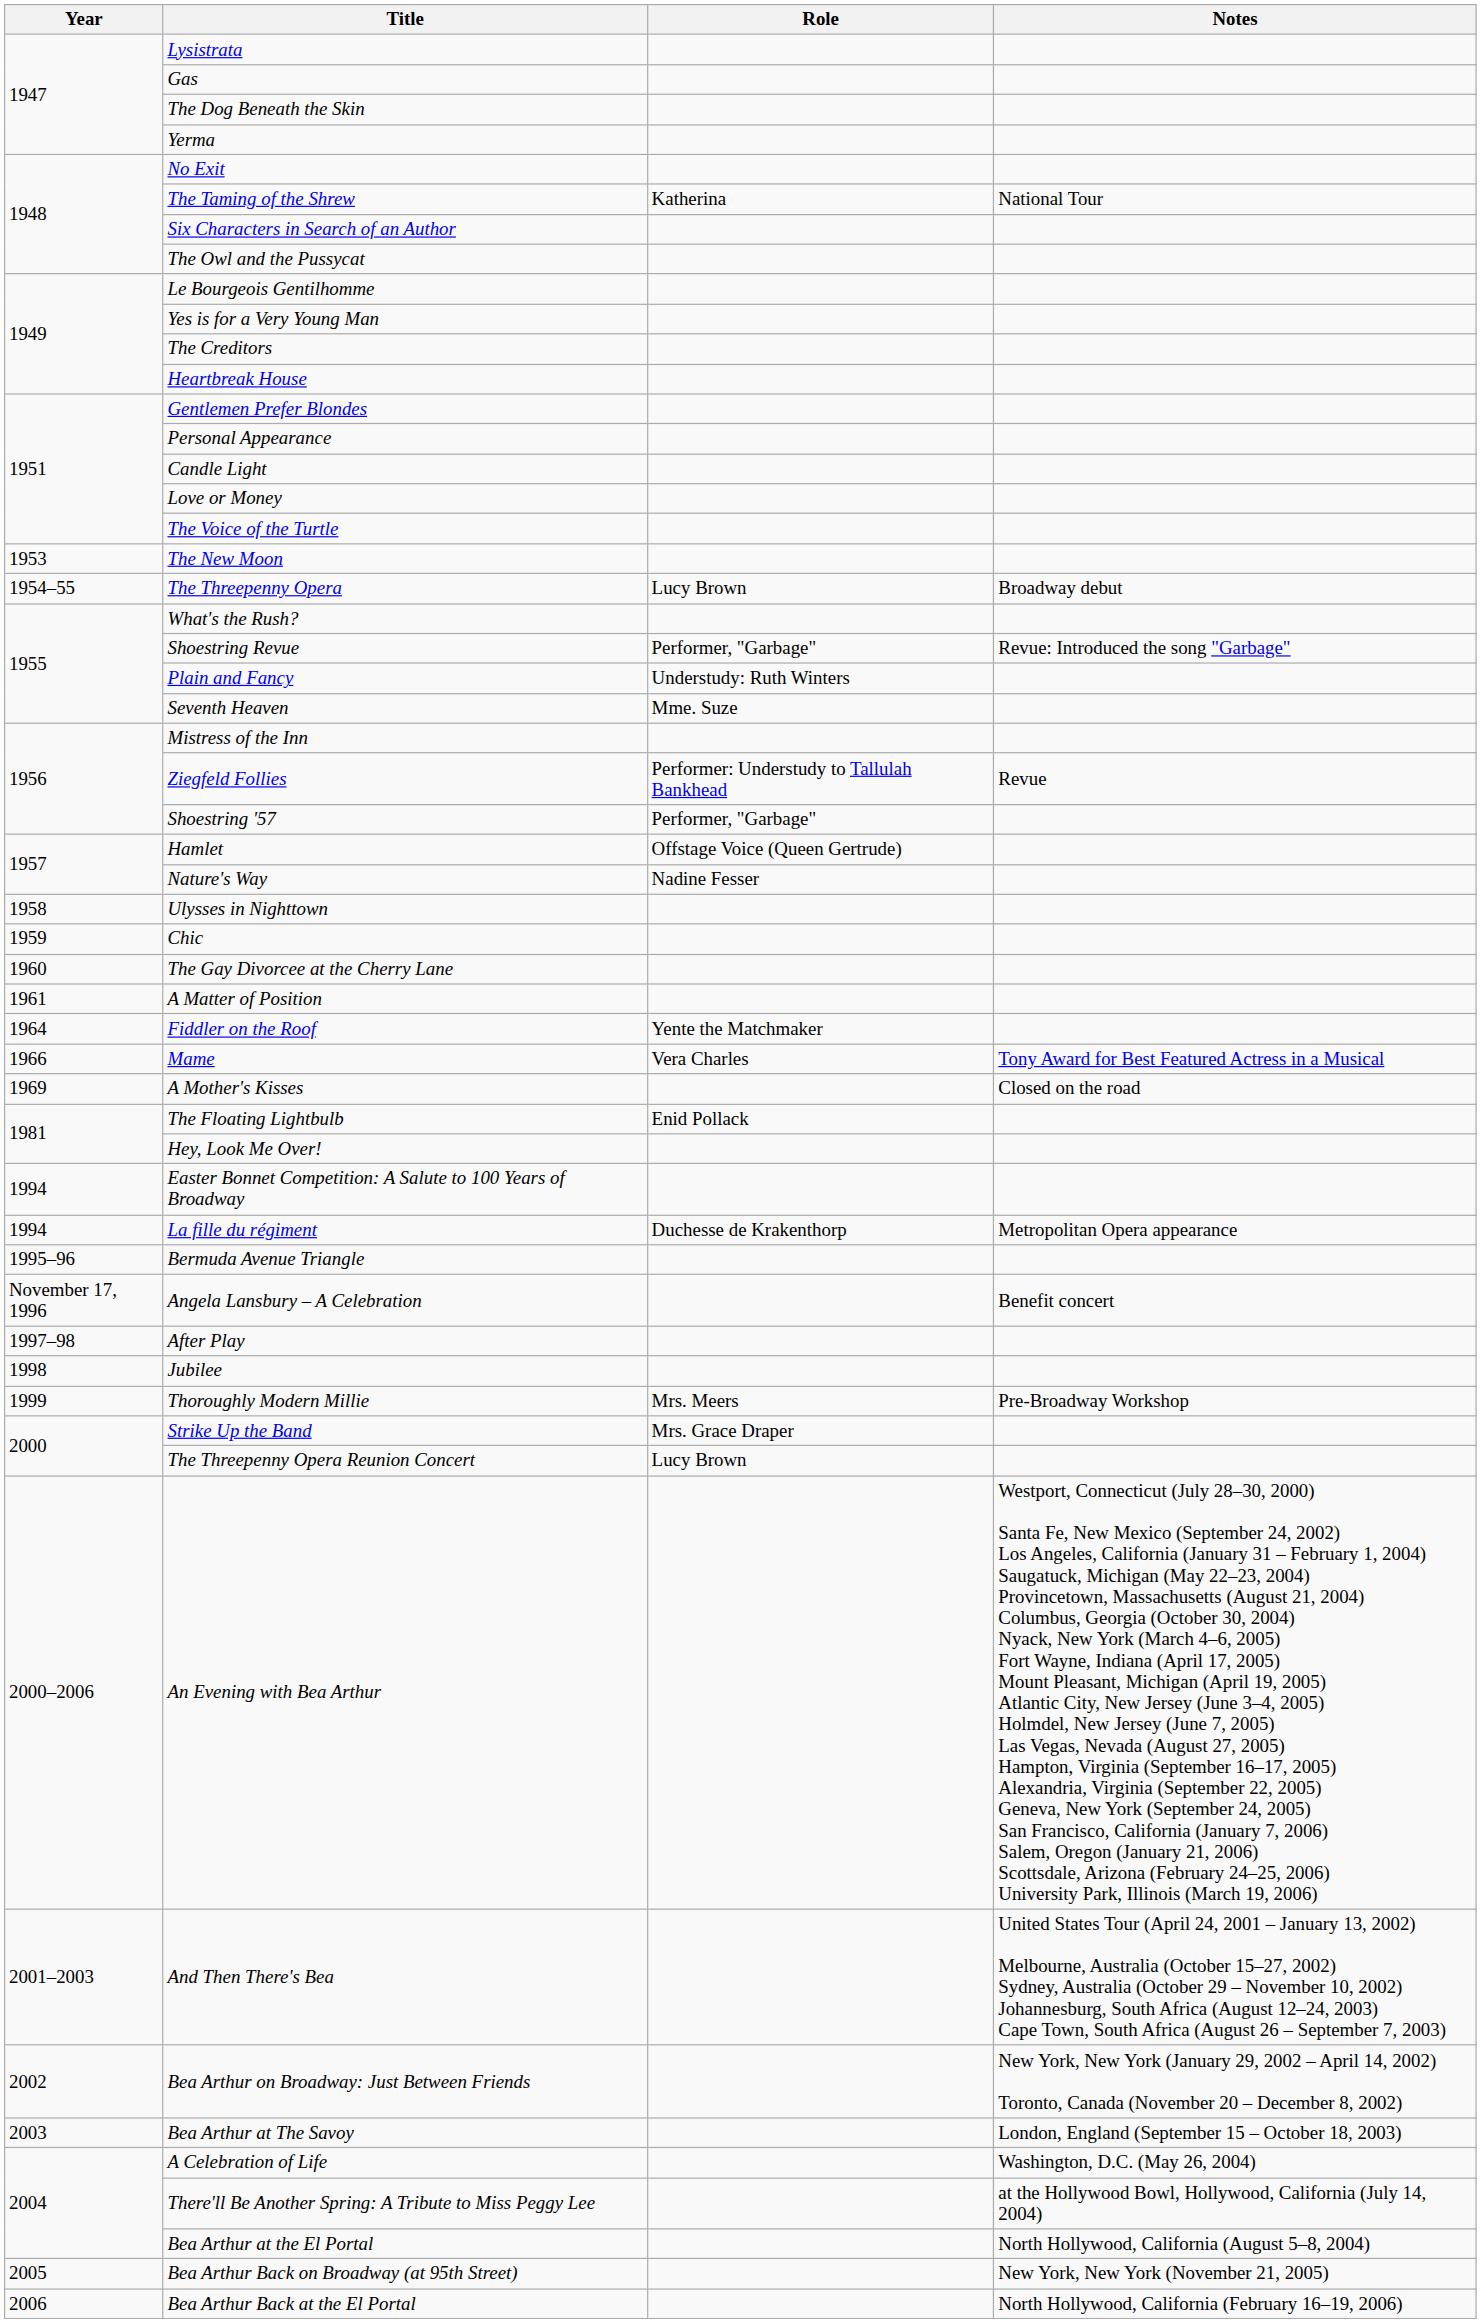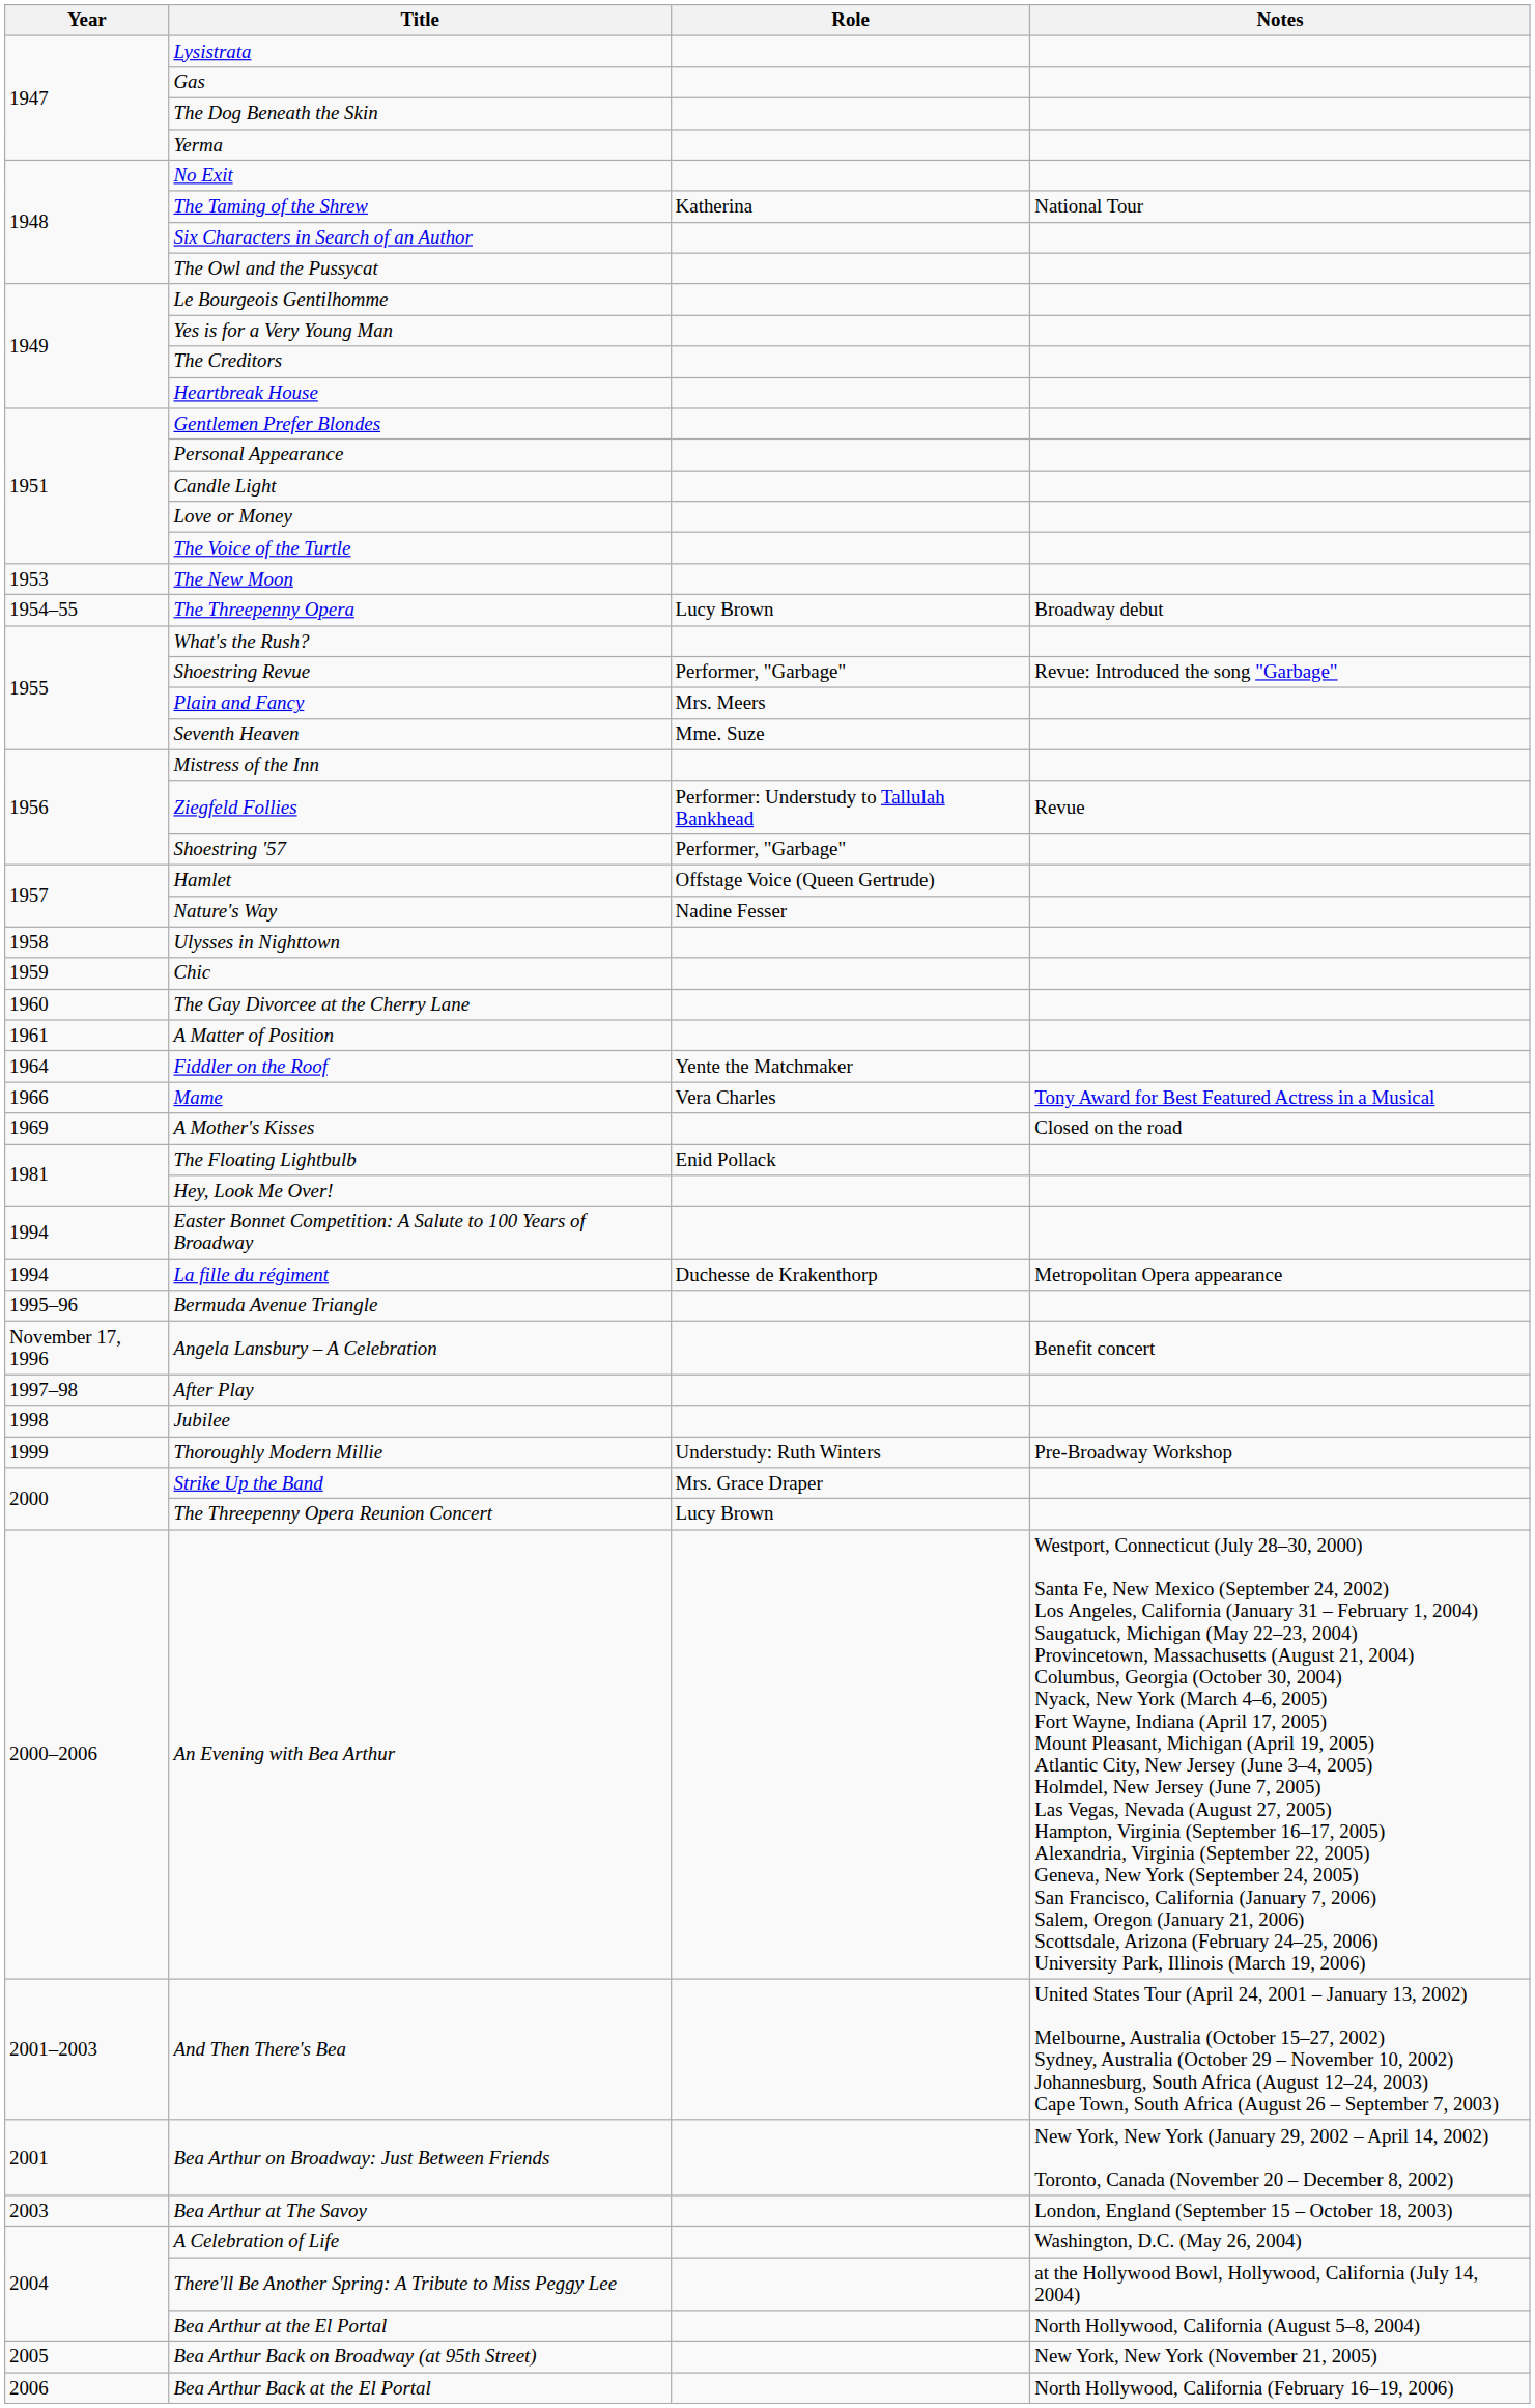 <table class="wikitable">
 <tr>
 <th>Year</th>
 <th>Title</th>
 <th>Role</th>
 <th>Notes</th>
 </tr>
 <tr>
 <td rowspan="4">1947</td>
 <td><em><a href='#'>Lysistrata</a></em></td>
 <td></td>
 <td></td>
 </tr>
 <tr>
 <td><em>Gas</em></td>
 <td></td>
 <td></td>
 </tr>
 <tr>
 <td><em>The Dog Beneath the Skin</em></td>
 <td></td>
 <td></td>
 </tr>
 <tr>
 <td><em>Yerma</em></td>
 <td></td>
 <td></td>
 </tr>
 <tr>
 <td rowspan="4">1948</td>
 <td><em><a href='#'>No Exit</a></em></td>
 <td></td>
 <td></td>
 </tr>
 <tr>
 <td><em><a href='#'>The Taming of the Shrew</a></em></td>
 <td>Katherina</td>
 <td>National Tour</td>
 </tr>
 <tr>
 <td><em><a href='#'>Six Characters in Search of an Author</a></em></td>
 <td></td>
 <td></td>
 </tr>
 <tr>
 <td><em>The Owl and the Pussycat</em></td>
 <td></td>
 <td></td>
 </tr>
 <tr>
 <td rowspan="4">1949</td>
 <td><em>Le Bourgeois Gentilhomme</em></td>
 <td></td>
 <td></td>
 </tr>
 <tr>
 <td><em>Yes is for a Very Young Man</em></td>
 <td></td>
 <td></td>
 </tr>
 <tr>
 <td><em>The Creditors</em></td>
 <td></td>
 <td></td>
 </tr>
 <tr>
 <td><em><a href='#'>Heartbreak House</a></em></td>
 <td></td>
 <td></td>
 </tr>
 <tr>
 <td rowspan="5">1951</td>
 <td><em><a href='#'>Gentlemen Prefer Blondes</a></em></td>
 <td></td>
 <td></td>
 </tr>
 <tr>
 <td><em>Personal Appearance</em></td>
 <td></td>
 <td></td>
 </tr>
 <tr>
 <td><em>Candle Light</em></td>
 <td></td>
 <td></td>
 </tr>
 <tr>
 <td><em>Love or Money</em></td>
 <td></td>
 <td></td>
 </tr>
 <tr>
 <td><em><a href='#'>The Voice of the Turtle</a></em></td>
 <td></td>
 <td></td>
 </tr>
 <tr>
 <td>1953</td>
 <td><em><a href='#'>The New Moon</a></em></td>
 <td></td>
 <td></td>
 </tr>
 <tr>
 <td>1954–55</td>
 <td><em><a href='#'>The Threepenny Opera</a></em></td>
 <td>Lucy Brown</td>
 <td>Broadway debut</td>
 </tr>
 <tr>
 <td rowspan="4">1955</td>
 <td><em>What's the Rush?</em></td>
 <td></td>
 <td></td>
 </tr>
 <tr>
 <td><em>Shoestring Revue</em></td>
 <td>Performer, "Garbage"</td>
 <td>Revue: Introduced the song <a href='#'>"Garbage"</a></td>
 </tr>
 <tr>
 <td><em><a href='#'>Plain and Fancy</a></em></td>
-<td>Understudy: Ruth Winters</td>
+<td>Mrs. Meers</td>
 <td></td>
 </tr>
 <tr>
 <td><em>Seventh Heaven</em></td>
 <td>Mme. Suze</td>
 <td></td>
 </tr>
 <tr>
 <td rowspan="3">1956</td>
 <td><em>Mistress of the Inn</em></td>
 <td></td>
 <td></td>
 </tr>
 <tr>
 <td><em><a href='#'>Ziegfeld Follies</a></em></td>
 <td>Performer: Understudy to <a href='#'>Tallulah Bankhead</a></td>
 <td>Revue</td>
 </tr>
 <tr>
 <td><em>Shoestring '57</em></td>
 <td>Performer, "Garbage"</td>
 <td></td>
 </tr>
 <tr>
 <td rowspan="2">1957</td>
 <td><em>Hamlet</em></td>
 <td>Offstage Voice (Queen Gertrude)</td>
 <td></td>
 </tr>
 <tr>
 <td><em>Nature's Way</em></td>
 <td>Nadine Fesser</td>
 <td></td>
 </tr>
 <tr>
 <td>1958</td>
 <td><em>Ulysses in Nighttown</em></td>
 <td></td>
 <td></td>
 </tr>
 <tr>
 <td>1959</td>
 <td><em>Chic</em></td>
 <td></td>
 <td></td>
 </tr>
 <tr>
 <td>1960</td>
 <td><em>The Gay Divorcee at the Cherry Lane</em></td>
 <td></td>
 <td></td>
 </tr>
 <tr>
 <td>1961</td>
 <td><em>A Matter of Position</em></td>
 <td></td>
 <td></td>
 </tr>
 <tr>
 <td>1964</td>
 <td><em><a href='#'>Fiddler on the Roof</a></em></td>
 <td>Yente the Matchmaker</td>
 <td></td>
 </tr>
 <tr>
 <td>1966</td>
 <td><em><a href='#'>Mame</a></em></td>
 <td>Vera Charles</td>
 <td><a href='#'>Tony Award for Best Featured Actress in a Musical</a></td>
 </tr>
 <tr>
 <td>1969</td>
 <td><em>A Mother's Kisses</em></td>
 <td></td>
 <td>Closed on the road</td>
 </tr>
 <tr>
 <td rowspan="2">1981</td>
 <td><em>The Floating Lightbulb</em></td>
 <td>Enid Pollack</td>
 <td></td>
 </tr>
 <tr>
 <td><em>Hey, Look Me Over!</em></td>
 <td></td>
 <td></td>
 </tr>
 <tr>
 <td>1994</td>
 <td><em>Easter Bonnet Competition: A Salute to 100 Years of Broadway</em></td>
 <td></td>
 <td></td>
 </tr>
 <tr>
 <td>1994</td>
 <td><em><a href='#'>La fille du régiment</a></em></td>
 <td>Duchesse de Krakenthorp</td>
 <td>Metropolitan Opera appearance</td>
 </tr>
 <tr>
 <td>1995–96</td>
 <td><em>Bermuda Avenue Triangle</em></td>
 <td></td>
 <td></td>
 </tr>
 <tr>
 <td>November 17, 1996</td>
 <td><em>Angela Lansbury – A Celebration</em></td>
 <td></td>
 <td>Benefit concert</td>
 </tr>
 <tr>
 <td>1997–98</td>
 <td><em>After Play</em></td>
 <td></td>
 <td></td>
 </tr>
 <tr>
 <td>1998</td>
 <td><em>Jubilee</em></td>
 <td></td>
 <td></td>
 </tr>
 <tr>
 <td>1999</td>
 <td><em>Thoroughly Modern Millie</em></td>
-<td>Mrs. Meers</td>
+<td>Understudy: Ruth Winters</td>
 <td>Pre-Broadway Workshop</td>
 </tr>
 <tr>
 <td rowspan="2">2000</td>
 <td><em><a href='#'>Strike Up the Band</a></em></td>
 <td>Mrs. Grace Draper</td>
 <td></td>
 </tr>
 <tr>
 <td><em>The Threepenny Opera Reunion Concert</em></td>
 <td>Lucy Brown</td>
 <td></td>
 </tr>
 <tr>
 <td>2000–2006</td>
 <td><em>An Evening with Bea Arthur</em></td>
 <td></td>
 <td>Westport, Connecticut (July 28–30, 2000)<br><br>Santa Fe, New Mexico (September 24, 2002)<br> Los Angeles, California (January 31 – February 1, 2004)<br> Saugatuck, Michigan (May 22–23, 2004)<br> Provincetown, Massachusetts (August 21, 2004)<br> Columbus, Georgia (October 30, 2004)<br> Nyack, New York (March 4–6, 2005)<br> Fort Wayne, Indiana (April 17, 2005)<br> Mount Pleasant, Michigan (April 19, 2005)<br> Atlantic City, New Jersey (June 3–4, 2005)<br> Holmdel, New Jersey (June 7, 2005)<br> Las Vegas, Nevada (August 27, 2005)<br> Hampton, Virginia (September 16–17, 2005)<br> Alexandria, Virginia (September 22, 2005)<br> Geneva, New York (September 24, 2005)<br> San Francisco, California (January 7, 2006)<br> Salem, Oregon (January 21, 2006)<br> Scottsdale, Arizona (February 24–25, 2006)<br> University Park, Illinois (March 19, 2006)</td>
 </tr>
 <tr>
 <td>2001–2003</td>
 <td><em>And Then There's Bea</em></td>
 <td></td>
 <td>United States Tour (April 24, 2001 – January 13, 2002)<br><br>Melbourne, Australia (October 15–27, 2002)<br> Sydney, Australia (October 29 – November 10, 2002)<br> Johannesburg, South Africa (August 12–24, 2003)<br> Cape Town, South Africa (August 26 – September 7, 2003)</td>
 </tr>
 <tr>
-<td>2002</td>
+<td>2001</td>
 <td><em>Bea Arthur on Broadway: Just Between Friends</em></td>
 <td></td>
 <td>New York, New York (January 29, 2002 – April 14, 2002)<br><br>Toronto, Canada (November 20 – December 8, 2002)</td>
 </tr>
 <tr>
 <td>2003</td>
 <td><em>Bea Arthur at The Savoy</em></td>
 <td></td>
 <td>London, England (September 15 – October 18, 2003)</td>
 </tr>
 <tr>
 <td rowspan="3">2004</td>
 <td><em>A Celebration of Life</em></td>
 <td></td>
 <td>Washington, D.C. (May 26, 2004)</td>
 </tr>
 <tr>
 <td><em>There'll Be Another Spring: A Tribute to Miss Peggy Lee</em></td>
 <td></td>
 <td>at the Hollywood Bowl, Hollywood, California (July 14, 2004)</td>
 </tr>
 <tr>
 <td><em>Bea Arthur at the El Portal</em></td>
 <td></td>
 <td>North Hollywood, California (August 5–8, 2004)</td>
 </tr>
 <tr>
 <td>2005</td>
 <td><em>Bea Arthur Back on Broadway (at 95th Street)</em></td>
 <td></td>
 <td>New York, New York (November 21, 2005)</td>
 </tr>
 <tr>
 <td>2006</td>
 <td><em>Bea Arthur Back at the El Portal</em></td>
 <td></td>
 <td>North Hollywood, California (February 16–19, 2006)</td>
 </tr>
 </table>
